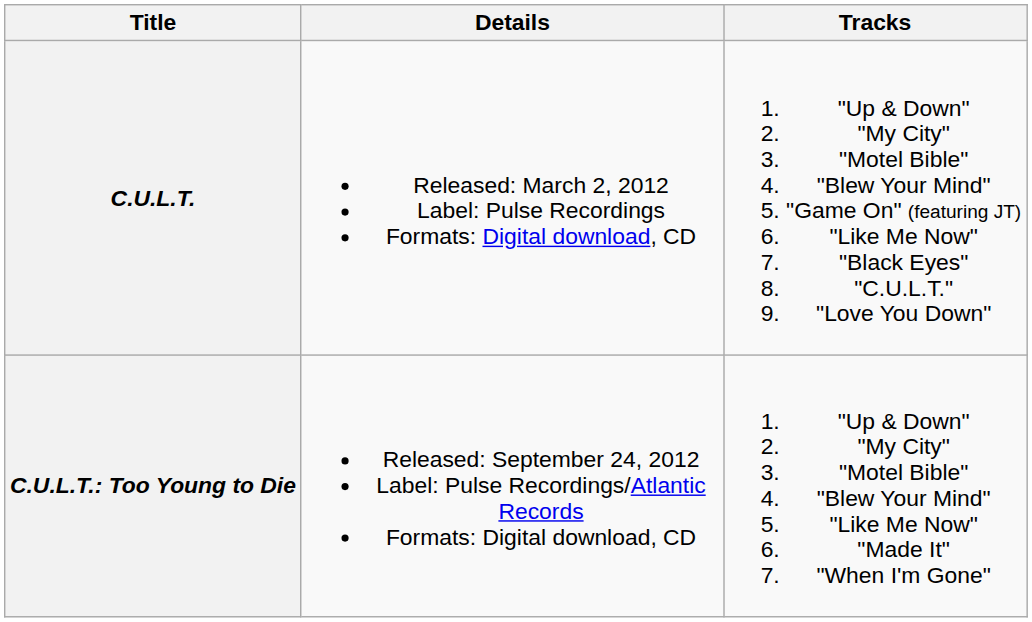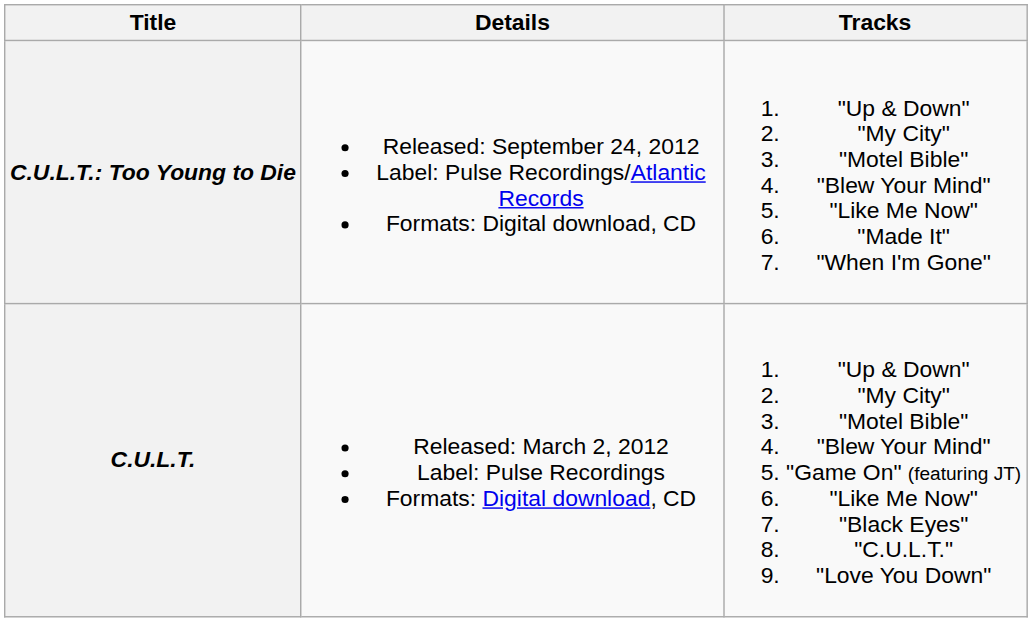 <table class="wikitable plainrowheaders" style="text-align:center;">
 <tr>
 <th scope="col">Title</th>
 <th scope="col" style="width:18em;">Details</th>
 <th scope="col">Tracks</th>
 </tr>
 <tr>
+<th scope="row"><em>C.U.L.T.: Too Young to Die</em></th>
+<td><br><ul><li>Released: September 24, 2012</li><li>Label: Pulse Recordings/<a href='#'>Atlantic Records</a></li><li>Formats: Digital download, CD</li></ul></td>
+<td valign="top"><br><ol><li>"Up & Down"</li><li>"My City"</li><li>"Motel Bible"</li><li>"Blew Your Mind"</li><li>"Like Me Now"</li><li>"Made It"</li><li>"When I'm Gone"</li></ol></td>
+</tr>
+<tr>
 <th scope="row"><em>C.U.L.T.</em></th>
 <td><br><ul><li>Released: March 2, 2012</li><li>Label: Pulse Recordings</li><li>Formats: <a href='#'>Digital download</a>, CD</li></ul></td>
 <td valign="top"><br><ol><li>"Up & Down"</li><li>"My City"</li><li>"Motel Bible"</li><li>"Blew Your Mind"</li><li>"Game On" <small>(featuring JT)</small></li><li>"Like Me Now"</li><li>"Black Eyes"</li><li>"C.U.L.T."</li><li>"Love You Down"</li></ol></td>
 </tr>
-<tr>
-<th scope="row"><em>C.U.L.T.: Too Young to Die</em></th>
-<td><br><ul><li>Released: September 24, 2012</li><li>Label: Pulse Recordings/<a href='#'>Atlantic Records</a></li><li>Formats: Digital download, CD</li></ul></td>
-<td valign="top"><br><ol><li>"Up & Down"</li><li>"My City"</li><li>"Motel Bible"</li><li>"Blew Your Mind"</li><li>"Like Me Now"</li><li>"Made It"</li><li>"When I'm Gone"</li></ol></td>
-</tr>
 </table>
